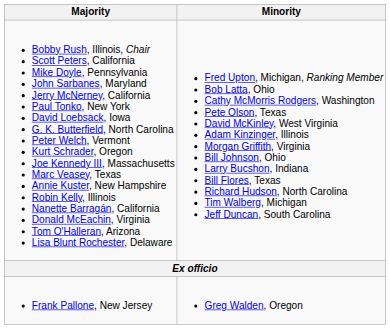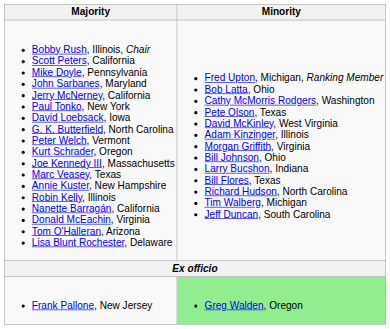 <table class=wikitable>
 <tr>
 <th>Majority</th>
 <th>Minority</th>
 </tr>
 <tr>
 <td><br><ul><li><a href='#'>Bobby Rush</a>, Illinois, <em>Chair</em></li><li><a href='#'>Scott Peters</a>, California</li><li><a href='#'>Mike Doyle</a>, Pennsylvania</li><li><a href='#'>John Sarbanes</a>, Maryland</li><li><a href='#'>Jerry McNerney</a>, California</li><li><a href='#'>Paul Tonko</a>, New York</li><li><a href='#'>David Loebsack</a>, Iowa</li><li><a href='#'>G. K. Butterfield</a>, North Carolina</li><li><a href='#'>Peter Welch</a>, Vermont</li><li><a href='#'>Kurt Schrader</a>, Oregon</li><li><a href='#'>Joe Kennedy III</a>, Massachusetts</li><li><a href='#'>Marc Veasey</a>, Texas</li><li><a href='#'>Annie Kuster</a>, New Hampshire</li><li><a href='#'>Robin Kelly</a>, Illinois</li><li><a href='#'>Nanette Barragán</a>, California</li><li><a href='#'>Donald McEachin</a>, Virginia</li><li><a href='#'>Tom O'Halleran</a>, Arizona</li><li><a href='#'>Lisa Blunt Rochester</a>, Delaware</li></ul></td>
 <td><br><ul><li><a href='#'>Fred Upton</a>, Michigan, <em>Ranking Member</em></li><li><a href='#'>Bob Latta</a>, Ohio</li><li><a href='#'>Cathy McMorris Rodgers</a>, Washington</li><li><a href='#'>Pete Olson</a>, Texas</li><li><a href='#'>David McKinley</a>, West Virginia</li><li><a href='#'>Adam Kinzinger</a>, Illinois</li><li><a href='#'>Morgan Griffith</a>, Virginia</li><li><a href='#'>Bill Johnson</a>, Ohio</li><li><a href='#'>Larry Bucshon</a>, Indiana</li><li><a href='#'>Bill Flores</a>, Texas</li><li><a href='#'>Richard Hudson</a>, North Carolina</li><li><a href='#'>Tim Walberg</a>, Michigan</li><li><a href='#'>Jeff Duncan</a>, South Carolina</li></ul></td>
 </tr>
 <tr>
 <th colspan=2><em>Ex officio</em></th>
 </tr>
 <tr>
 <td><br><ul><li><a href='#'>Frank Pallone</a>, New Jersey</li></ul></td>
-<td><br><ul><li><a href='#'>Greg Walden</a>, Oregon</li></ul></td>
+<td style="background: lightgreen;"><br><ul><li><a href='#'>Greg Walden</a>, Oregon</li></ul></td>
 </tr>
 </table>
